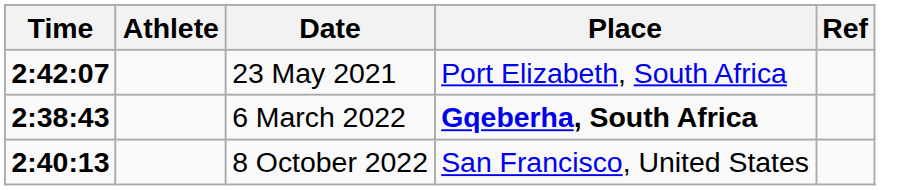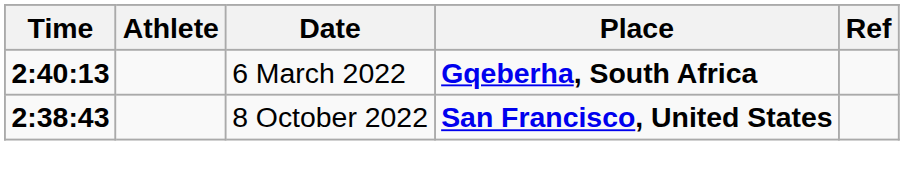 <table class="wikitable sortable" style="font-size:95%">
 <tr>
 <th>Time</th>
 <th>Athlete</th>
 <th>Date</th>
 <th>Place</th>
 <th>Ref</th>
 </tr>
 <tr>
-<td align=center><strong>2:42:07</strong></td>
-<td></td>
-<td>23 May 2021</td>
-<td><a href='#'>Port Elizabeth</a>, <a href='#'>South Africa</a></td>
-<td></td>
-</tr>
-<tr>
-<td align=center><strong>2:38:43</strong></td>
+<td align=center><strong>2:40:13</strong></td>
 <td></td>
 <td>6 March 2022</td>
 <td><strong><a href='#'>Gqeberha</a>, South Africa</strong></td>
 <td></td>
 </tr>
 <tr>
-<td align=center><strong>2:40:13</strong></td>
+<td align=center><strong>2:38:43</strong></td>
 <td></td>
 <td>8 October 2022</td>
-<td><a href='#'>San Francisco</a>, United States</td>
+<td><strong><a href='#'>San Francisco</a>, United States</strong></td>
 <td></td>
 </tr>
 </table>
